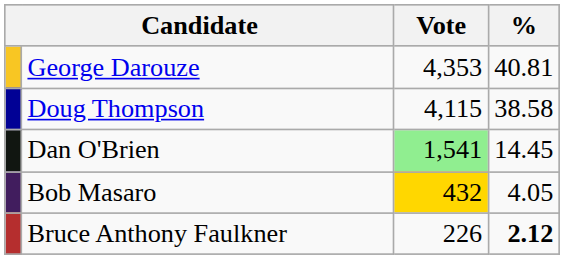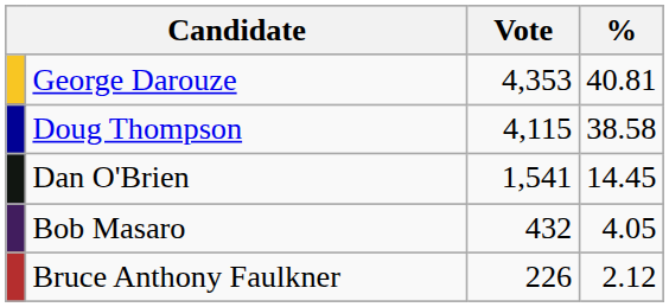 <table class="wikitable">
 <tr>
 <th bgcolor="#DDDDFF" width="230px" colspan="2">Candidate</th>
 <th bgcolor="#DDDDFF" width="50px">Vote</th>
 <th bgcolor="#DDDDFF" width="30px">%</th>
 </tr>
 <tr>
 <td style="background-color:#F8C623;"></td>
 <td style="text-align:left;"><a href='#'>George Darouze</a></td>
 <td style="text-align:right;">4,353</td>
 <td style="text-align:right;">40.81</td>
 </tr>
 <tr>
 <td style="background-color:#010195;"></td>
 <td style="text-align:left;"><a href='#'>Doug Thompson</a></td>
 <td style="text-align:right;">4,115</td>
 <td style="text-align:right;">38.58</td>
 </tr>
 <tr>
 <td style="background-color:#111611;"></td>
 <td style="text-align:left;">Dan O'Brien</td>
-<td style="background: lightgreen; text-align:right;">1,541</td>
+<td style="text-align:right;">1,541</td>
 <td style="text-align:right;">14.45</td>
 </tr>
 <tr>
 <td style="background-color:#411d5e;"></td>
 <td style="text-align:left;">Bob Masaro</td>
-<td style="background: gold; text-align:right;">432</td>
+<td style="text-align:right;">432</td>
 <td style="text-align:right;">4.05</td>
 </tr>
 <tr>
 <td style="background-color:#B52E2E;"></td>
 <td style="text-align:left;">Bruce Anthony Faulkner</td>
 <td style="text-align:right;">226</td>
-<td style="text-align:right;"><strong>2.12</strong></td>
+<td style="text-align:right;">2.12</td>
 </tr>
 </table>
